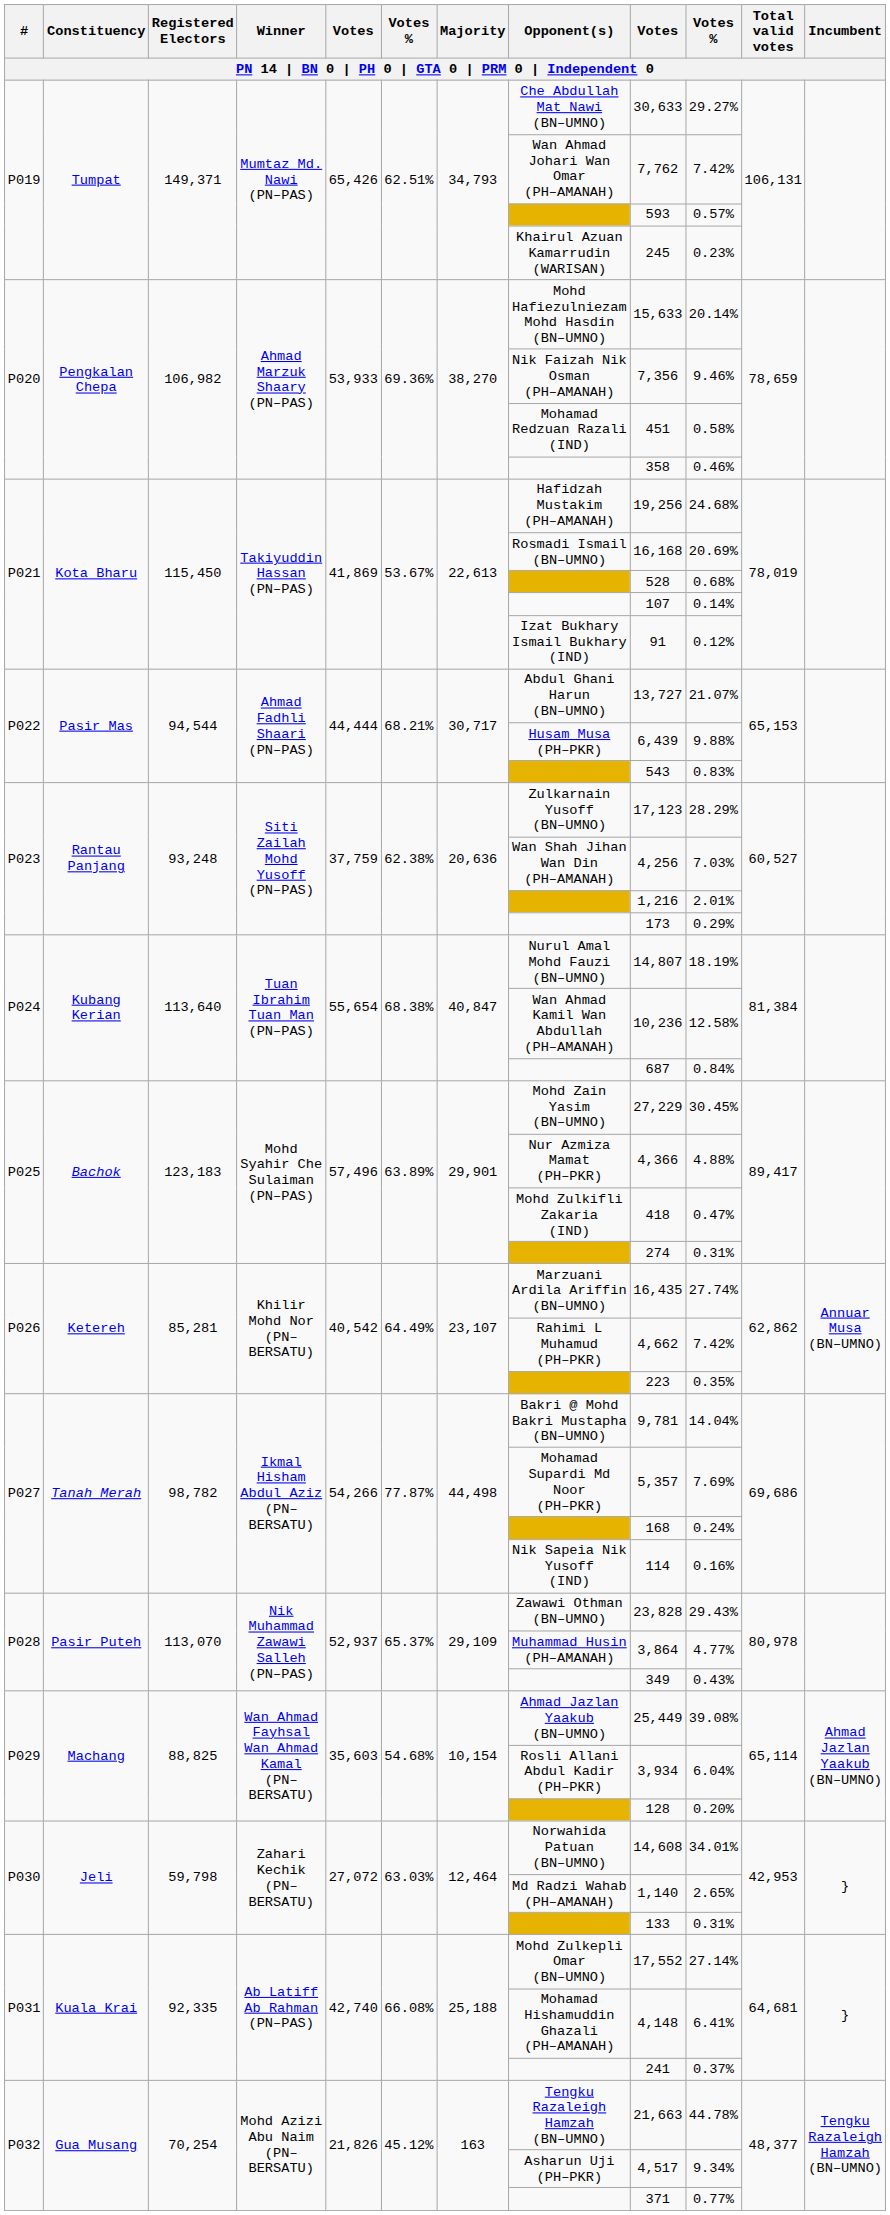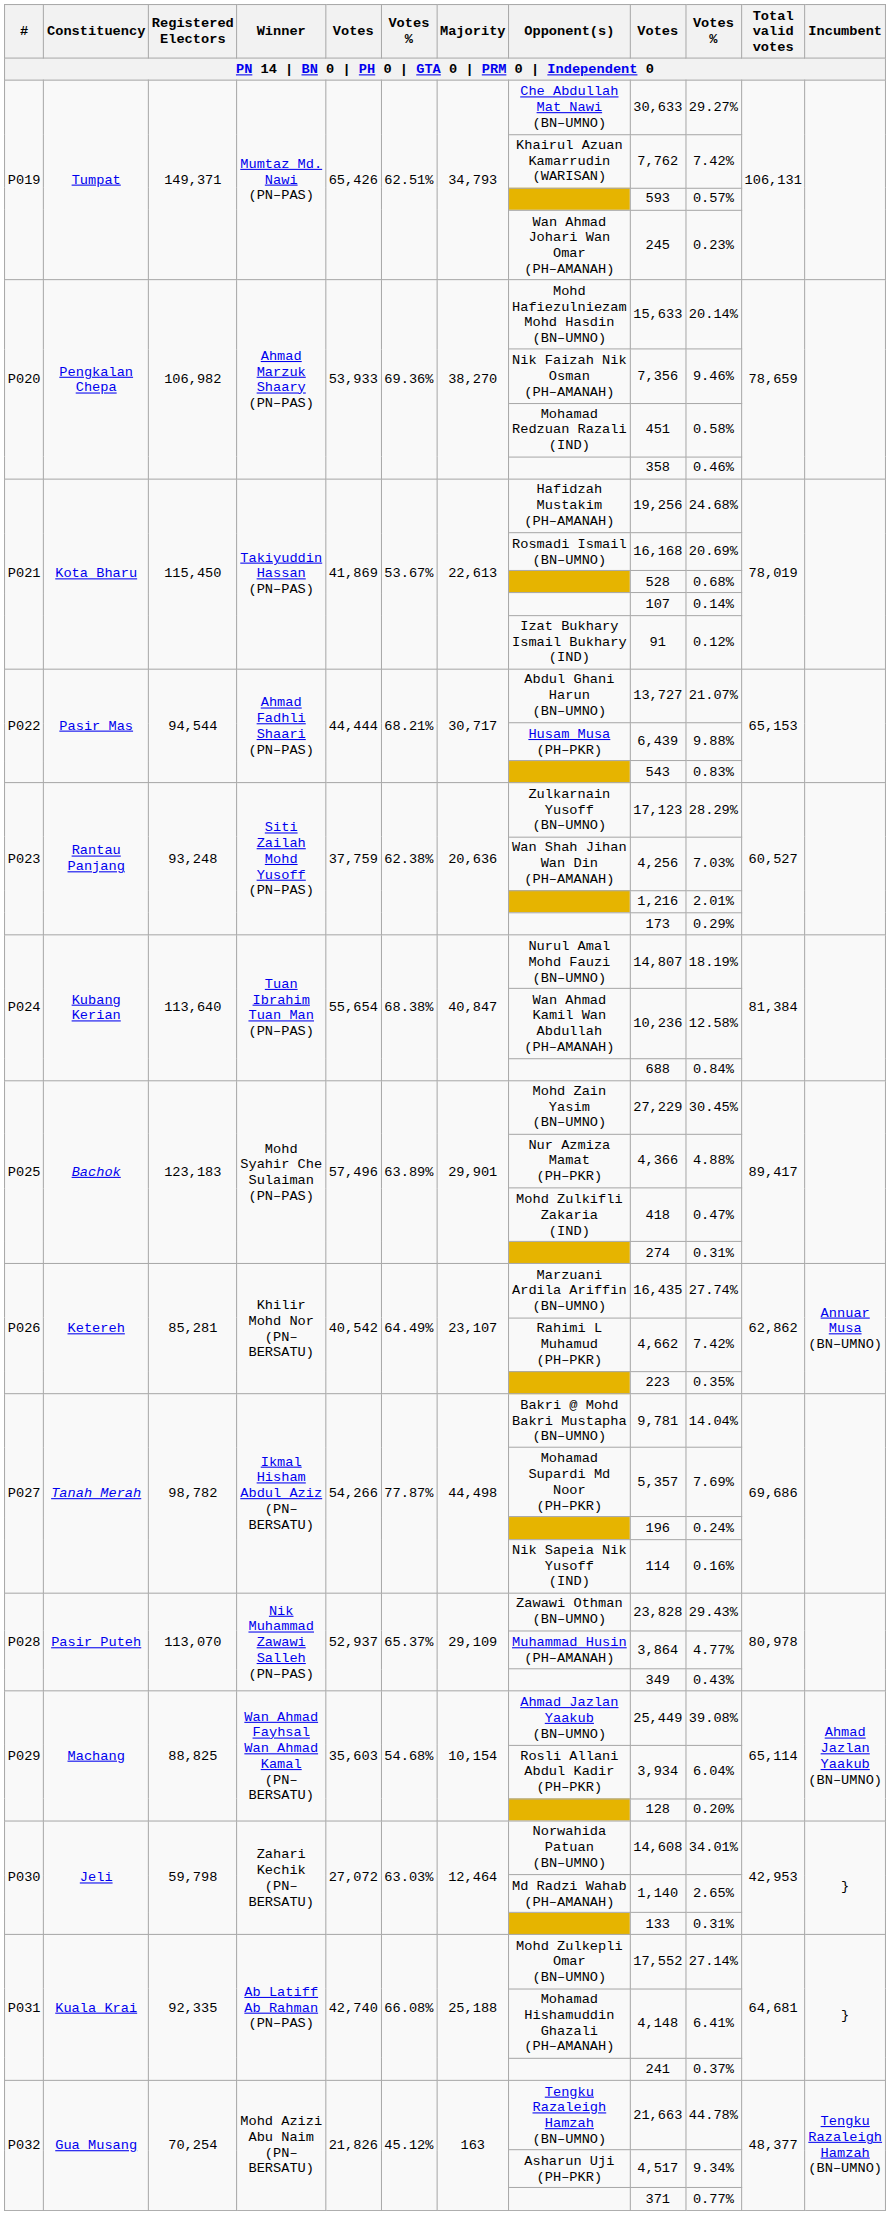 <table class="wikitable sortable" style">
 <tr>
 <th>#</th>
 <th>Constituency</th>
 <th>Registered Electors</th>
 <th>Winner</th>
 <th>Votes</th>
 <th>Votes %</th>
 <th>Majority</th>
 <th>Opponent(s)</th>
 <th>Votes</th>
 <th>Votes %</th>
 <th>Total valid votes</th>
 <th>Incumbent</th>
 </tr>
 <tr>
 <th colspan="13"><a href='#'>PN</a> <strong>14</strong> | <a href='#'>BN</a> <strong>0</strong>  | <a href='#'>PH</a> <strong>0</strong> | <a href='#'>GTA</a> <strong>0</strong> | <a href='#'>PRM</a> <strong>0</strong> | <a href='#'>Independent</a> <strong>0</strong></th>
 </tr>
 <tr align="center">
 <td rowspan=4>P019</td>
 <td rowspan=4><a href='#'>Tumpat</a></td>
 <td rowspan=4>149,371</td>
 <td rowspan=4><a href='#'>Mumtaz Md. Nawi</a><br>(PN–PAS)</td>
 <td rowspan=4>65,426</td>
 <td rowspan=4>62.51%</td>
 <td rowspan=4>34,793</td>
 <td><a href='#'>Che Abdullah Mat Nawi</a><br>(BN–UMNO)</td>
 <td>30,633</td>
 <td>29.27%</td>
 <td rowspan=4>106,131</td>
 <td rowspan=4><br></td>
 </tr>
 <tr align="center">
-<td>Wan Ahmad Johari Wan Omar<br>(PH–AMANAH)</td>
+<td>Khairul Azuan Kamarrudin<br>(WARISAN)</td>
 <td>7,762</td>
 <td>7.42%</td>
 </tr>
 <tr align="center">
 <td bgcolor=#e6b400></td>
 <td>593</td>
 <td>0.57%</td>
 </tr>
 <tr align="center">
-<td>Khairul Azuan Kamarrudin<br>(WARISAN)</td>
+<td>Wan Ahmad Johari Wan Omar<br>(PH–AMANAH)</td>
 <td>245</td>
 <td>0.23%</td>
 </tr>
 <tr align="center">
 <td rowspan=4>P020</td>
 <td rowspan=4><a href='#'>Pengkalan Chepa</a></td>
 <td rowspan=4>106,982</td>
 <td rowspan=4><a href='#'>Ahmad Marzuk Shaary</a><br>(PN–PAS)</td>
 <td rowspan=4>53,933</td>
 <td rowspan=4>69.36%</td>
 <td rowspan=4>38,270</td>
 <td>Mohd Hafiezulniezam Mohd Hasdin<br>(BN–UMNO)</td>
 <td>15,633</td>
 <td>20.14%</td>
 <td rowspan=4>78,659</td>
 <td rowspan=4><br></td>
 </tr>
 <tr align="center">
 <td>Nik Faizah Nik Osman<br>(PH–AMANAH)</td>
 <td>7,356</td>
 <td>9.46%</td>
 </tr>
 <tr align="center">
 <td>Mohamad Redzuan Razali<br>(IND)</td>
 <td>451</td>
 <td>0.58%</td>
 </tr>
 <tr align="center">
 <td></td>
 <td>358</td>
 <td>0.46%</td>
 </tr>
 <tr align="center">
 <td rowspan=5>P021</td>
 <td rowspan=5><a href='#'>Kota Bharu</a></td>
 <td rowspan=5>115,450</td>
 <td rowspan=5><a href='#'>Takiyuddin Hassan</a><br>(PN–PAS)</td>
 <td rowspan=5>41,869</td>
 <td rowspan=5>53.67%</td>
 <td rowspan=5>22,613</td>
 <td>Hafidzah Mustakim<br>(PH–AMANAH)</td>
 <td>19,256</td>
 <td>24.68%</td>
 <td rowspan=5>78,019</td>
 <td rowspan=5><br></td>
 </tr>
 <tr align="center">
 <td>Rosmadi Ismail<br>(BN–UMNO)</td>
 <td>16,168</td>
 <td>20.69%</td>
 </tr>
 <tr align="center">
 <td bgcolor=#e6b400></td>
 <td>528</td>
 <td>0.68%</td>
 </tr>
 <tr align="center">
 <td></td>
 <td>107</td>
 <td>0.14%</td>
 </tr>
 <tr align="center">
 <td>Izat Bukhary Ismail Bukhary<br>(IND)</td>
 <td>91</td>
 <td>0.12%</td>
 </tr>
 <tr align="center">
 <td rowspan=3>P022</td>
 <td rowspan=3><a href='#'>Pasir Mas</a></td>
 <td rowspan=3>94,544</td>
 <td rowspan=3><a href='#'>Ahmad Fadhli Shaari</a><br>(PN–PAS)</td>
 <td rowspan=3>44,444</td>
 <td rowspan=3>68.21%</td>
 <td rowspan=3>30,717</td>
 <td>Abdul Ghani Harun<br>(BN–UMNO)</td>
 <td>13,727</td>
 <td>21.07%</td>
 <td rowspan=3>65,153</td>
 <td rowspan=3><br></td>
 </tr>
 <tr align="center">
 <td><a href='#'>Husam Musa</a><br>(PH–PKR)</td>
 <td>6,439</td>
 <td>9.88%</td>
 </tr>
 <tr align="center">
 <td bgcolor=#e6b400></td>
 <td>543</td>
 <td>0.83%</td>
 </tr>
 <tr align="center">
 <td rowspan=4>P023</td>
 <td rowspan=4><a href='#'>Rantau Panjang</a></td>
 <td rowspan=4>93,248</td>
 <td rowspan=4><a href='#'>Siti Zailah Mohd Yusoff</a><br>(PN–PAS)</td>
 <td rowspan=4>37,759</td>
 <td rowspan=4>62.38%</td>
 <td rowspan=4>20,636</td>
 <td>Zulkarnain Yusoff<br>(BN–UMNO)</td>
 <td>17,123</td>
 <td>28.29%</td>
 <td rowspan=4>60,527</td>
 <td rowspan=4><br></td>
 </tr>
 <tr align="center">
 <td>Wan Shah Jihan Wan Din<br>(PH–AMANAH)</td>
 <td>4,256</td>
 <td>7.03%</td>
 </tr>
 <tr align="center">
 <td bgcolor=#e6b400> <br> </td>
 <td>1,216</td>
 <td>2.01%</td>
 </tr>
 <tr align="center">
 <td></td>
 <td>173</td>
 <td>0.29%</td>
 </tr>
 <tr align="center">
 <td rowspan=3>P024</td>
 <td rowspan=3><a href='#'>Kubang Kerian</a></td>
 <td rowspan=3>113,640</td>
 <td rowspan=3><a href='#'>Tuan Ibrahim Tuan Man</a><br>(PN–PAS)</td>
 <td rowspan=3>55,654</td>
 <td rowspan=3>68.38%</td>
 <td rowspan=3>40,847</td>
 <td>Nurul Amal Mohd Fauzi<br>(BN–UMNO)</td>
 <td>14,807</td>
 <td>18.19%</td>
 <td rowspan=3>81,384</td>
 <td rowspan=3><br></td>
 </tr>
 <tr align="center">
 <td>Wan Ahmad Kamil Wan Abdullah<br>(PH–AMANAH)</td>
 <td>10,236</td>
 <td>12.58%</td>
 </tr>
 <tr align="center">
 <td></td>
-<td>687</td>
+<td>688</td>
 <td>0.84%</td>
 </tr>
 <tr align="center">
 <td rowspan=4>P025</td>
 <td rowspan=4><em><a href='#'>Bachok</a></em></td>
 <td rowspan=4>123,183</td>
 <td rowspan=4>Mohd Syahir Che Sulaiman<br>(PN–PAS)</td>
 <td rowspan=4>57,496</td>
 <td rowspan=4>63.89%</td>
 <td rowspan=4>29,901</td>
 <td>Mohd Zain Yasim<br>(BN–UMNO)</td>
 <td>27,229</td>
 <td>30.45%</td>
 <td rowspan=4>89,417</td>
 <td rowspan=4><br></td>
 </tr>
 <tr align="center">
 <td>Nur Azmiza Mamat<br>(PH–PKR)</td>
 <td>4,366</td>
 <td>4.88%</td>
 </tr>
 <tr align="center">
 <td>Mohd Zulkifli Zakaria<br>(IND)</td>
 <td>418</td>
 <td>0.47%</td>
 </tr>
 <tr align="center">
 <td bgcolor=#e6b400></td>
 <td>274</td>
 <td>0.31%</td>
 </tr>
 <tr align="center">
 <td rowspan=3>P026</td>
 <td rowspan=3><a href='#'>Ketereh</a></td>
 <td rowspan=3>85,281</td>
 <td rowspan=3>Khilir Mohd Nor<br>(PN–BERSATU)</td>
 <td rowspan=3>40,542</td>
 <td rowspan=3>64.49%</td>
 <td rowspan=3>23,107</td>
 <td>Marzuani Ardila Ariffin<br>(BN–UMNO)</td>
 <td>16,435</td>
 <td>27.74%</td>
 <td rowspan=3>62,862</td>
 <td rowspan=3><a href='#'>Annuar Musa</a><br>(BN–UMNO)</td>
 </tr>
 <tr align="center">
 <td>Rahimi L Muhamud<br>(PH–PKR)</td>
 <td>4,662</td>
 <td>7.42%</td>
 </tr>
 <tr align="center">
 <td bgcolor=#e6b400></td>
 <td>223</td>
 <td>0.35%</td>
 </tr>
 <tr align="center">
 <td rowspan=4>P027</td>
 <td rowspan=4><em><a href='#'>Tanah Merah</a></em></td>
 <td rowspan=4>98,782</td>
 <td rowspan=4><a href='#'>Ikmal Hisham Abdul Aziz</a><br>(PN–BERSATU) </td>
 <td rowspan=4>54,266</td>
 <td rowspan=4>77.87%</td>
 <td rowspan=4>44,498</td>
 <td>Bakri @ Mohd Bakri Mustapha<br>(BN–UMNO)</td>
 <td>9,781</td>
 <td>14.04%</td>
 <td rowspan=4>69,686</td>
 <td rowspan=4><br></td>
 </tr>
 <tr align="center">
 <td>Mohamad Supardi Md Noor<br>(PH–PKR)</td>
 <td>5,357</td>
 <td>7.69%</td>
 </tr>
 <tr align="center">
 <td bgcolor=#e6b400></td>
-<td>168</td>
+<td>196</td>
 <td>0.24%</td>
 </tr>
 <tr align="center">
 <td>Nik Sapeia Nik Yusoff<br>(IND)</td>
 <td>114</td>
 <td>0.16%</td>
 </tr>
 <tr align="center">
 <td rowspan=3>P028</td>
 <td rowspan=3><a href='#'>Pasir Puteh</a></td>
 <td rowspan=3>113,070</td>
 <td rowspan=3><a href='#'>Nik Muhammad Zawawi Salleh</a><br>(PN–PAS)</td>
 <td rowspan=3>52,937</td>
 <td rowspan=3>65.37%</td>
 <td rowspan=3>29,109</td>
 <td>Zawawi Othman<br>(BN–UMNO)</td>
 <td>23,828</td>
 <td>29.43%</td>
 <td rowspan=3>80,978</td>
 <td rowspan=3><br></td>
 </tr>
 <tr align="center">
 <td><a href='#'>Muhammad Husin</a><br>(PH–AMANAH)</td>
 <td>3,864</td>
 <td>4.77%</td>
 </tr>
 <tr align="center">
 <td></td>
 <td>349</td>
 <td>0.43%</td>
 </tr>
 <tr align="center">
 <td rowspan=3>P029</td>
 <td rowspan=3><a href='#'>Machang</a></td>
 <td rowspan=3>88,825</td>
 <td rowspan=3><a href='#'>Wan Ahmad Fayhsal Wan Ahmad Kamal</a><br>(PN–BERSATU) </td>
 <td rowspan=3>35,603</td>
 <td rowspan=3>54.68%</td>
 <td rowspan=3>10,154</td>
 <td><a href='#'>Ahmad Jazlan Yaakub</a><br>(BN–UMNO)</td>
 <td>25,449</td>
 <td>39.08%</td>
 <td rowspan=3>65,114</td>
 <td rowspan=3><a href='#'>Ahmad Jazlan Yaakub</a><br>(BN–UMNO)</td>
 </tr>
 <tr align="center">
 <td>Rosli Allani Abdul Kadir<br>(PH–PKR)</td>
 <td>3,934</td>
 <td>6.04%</td>
 </tr>
 <tr align="center">
 <td bgcolor=#e6b400></td>
 <td>128</td>
 <td>0.20%</td>
 </tr>
 <tr align="center">
 <td rowspan=3>P030</td>
 <td rowspan=3><a href='#'>Jeli</a></td>
 <td rowspan=3>59,798</td>
 <td rowspan=3>Zahari Kechik<br>(PN–BERSATU) </td>
 <td rowspan=3>27,072</td>
 <td rowspan=3>63.03%</td>
 <td rowspan=3>12,464</td>
 <td>Norwahida Patuan<br>(BN–UMNO)</td>
 <td>14,608</td>
 <td>34.01%</td>
 <td rowspan=3>42,953</td>
 <td rowspan=3><br>}</td>
 </tr>
 <tr align="center">
 <td>Md Radzi Wahab<br>(PH–AMANAH)</td>
 <td>1,140</td>
 <td>2.65%</td>
 </tr>
 <tr align="center">
 <td bgcolor=#e6b400></td>
 <td>133</td>
 <td>0.31%</td>
 </tr>
 <tr align="center">
 <td rowspan=3>P031</td>
 <td rowspan=3><a href='#'>Kuala Krai</a></td>
 <td rowspan=3>92,335</td>
 <td rowspan=3><a href='#'>Ab Latiff Ab Rahman</a><br>(PN–PAS)</td>
 <td rowspan=3>42,740</td>
 <td rowspan=3>66.08%</td>
 <td rowspan=3>25,188</td>
 <td>Mohd Zulkepli Omar<br>(BN–UMNO)</td>
 <td>17,552</td>
 <td>27.14%</td>
 <td rowspan=3>64,681</td>
 <td rowspan=3><br>}</td>
 </tr>
 <tr align="center">
 <td>Mohamad Hishamuddin Ghazali<br>(PH–AMANAH)</td>
 <td>4,148</td>
 <td>6.41%</td>
 </tr>
 <tr align="center">
 <td></td>
 <td>241</td>
 <td>0.37%</td>
 </tr>
 <tr align="center">
 <td rowspan=3>P032</td>
 <td rowspan=3><a href='#'>Gua Musang</a></td>
 <td rowspan=3>70,254</td>
 <td rowspan=3>Mohd Azizi Abu Naim<br>(PN–BERSATU) </td>
 <td rowspan=3>21,826</td>
 <td rowspan=3>45.12%</td>
 <td rowspan=3>163</td>
 <td><a href='#'>Tengku Razaleigh Hamzah</a><br>(BN–UMNO)</td>
 <td>21,663</td>
 <td>44.78%</td>
 <td rowspan=3>48,377</td>
 <td rowspan=3><a href='#'>Tengku Razaleigh Hamzah</a><br>(BN–UMNO)</td>
 </tr>
 <tr align="center">
 <td>Asharun Uji<br>(PH–PKR)</td>
 <td>4,517</td>
 <td>9.34%</td>
 </tr>
 <tr align="center">
 <td></td>
 <td>371</td>
 <td>0.77%</td>
 </tr>
 </table>
